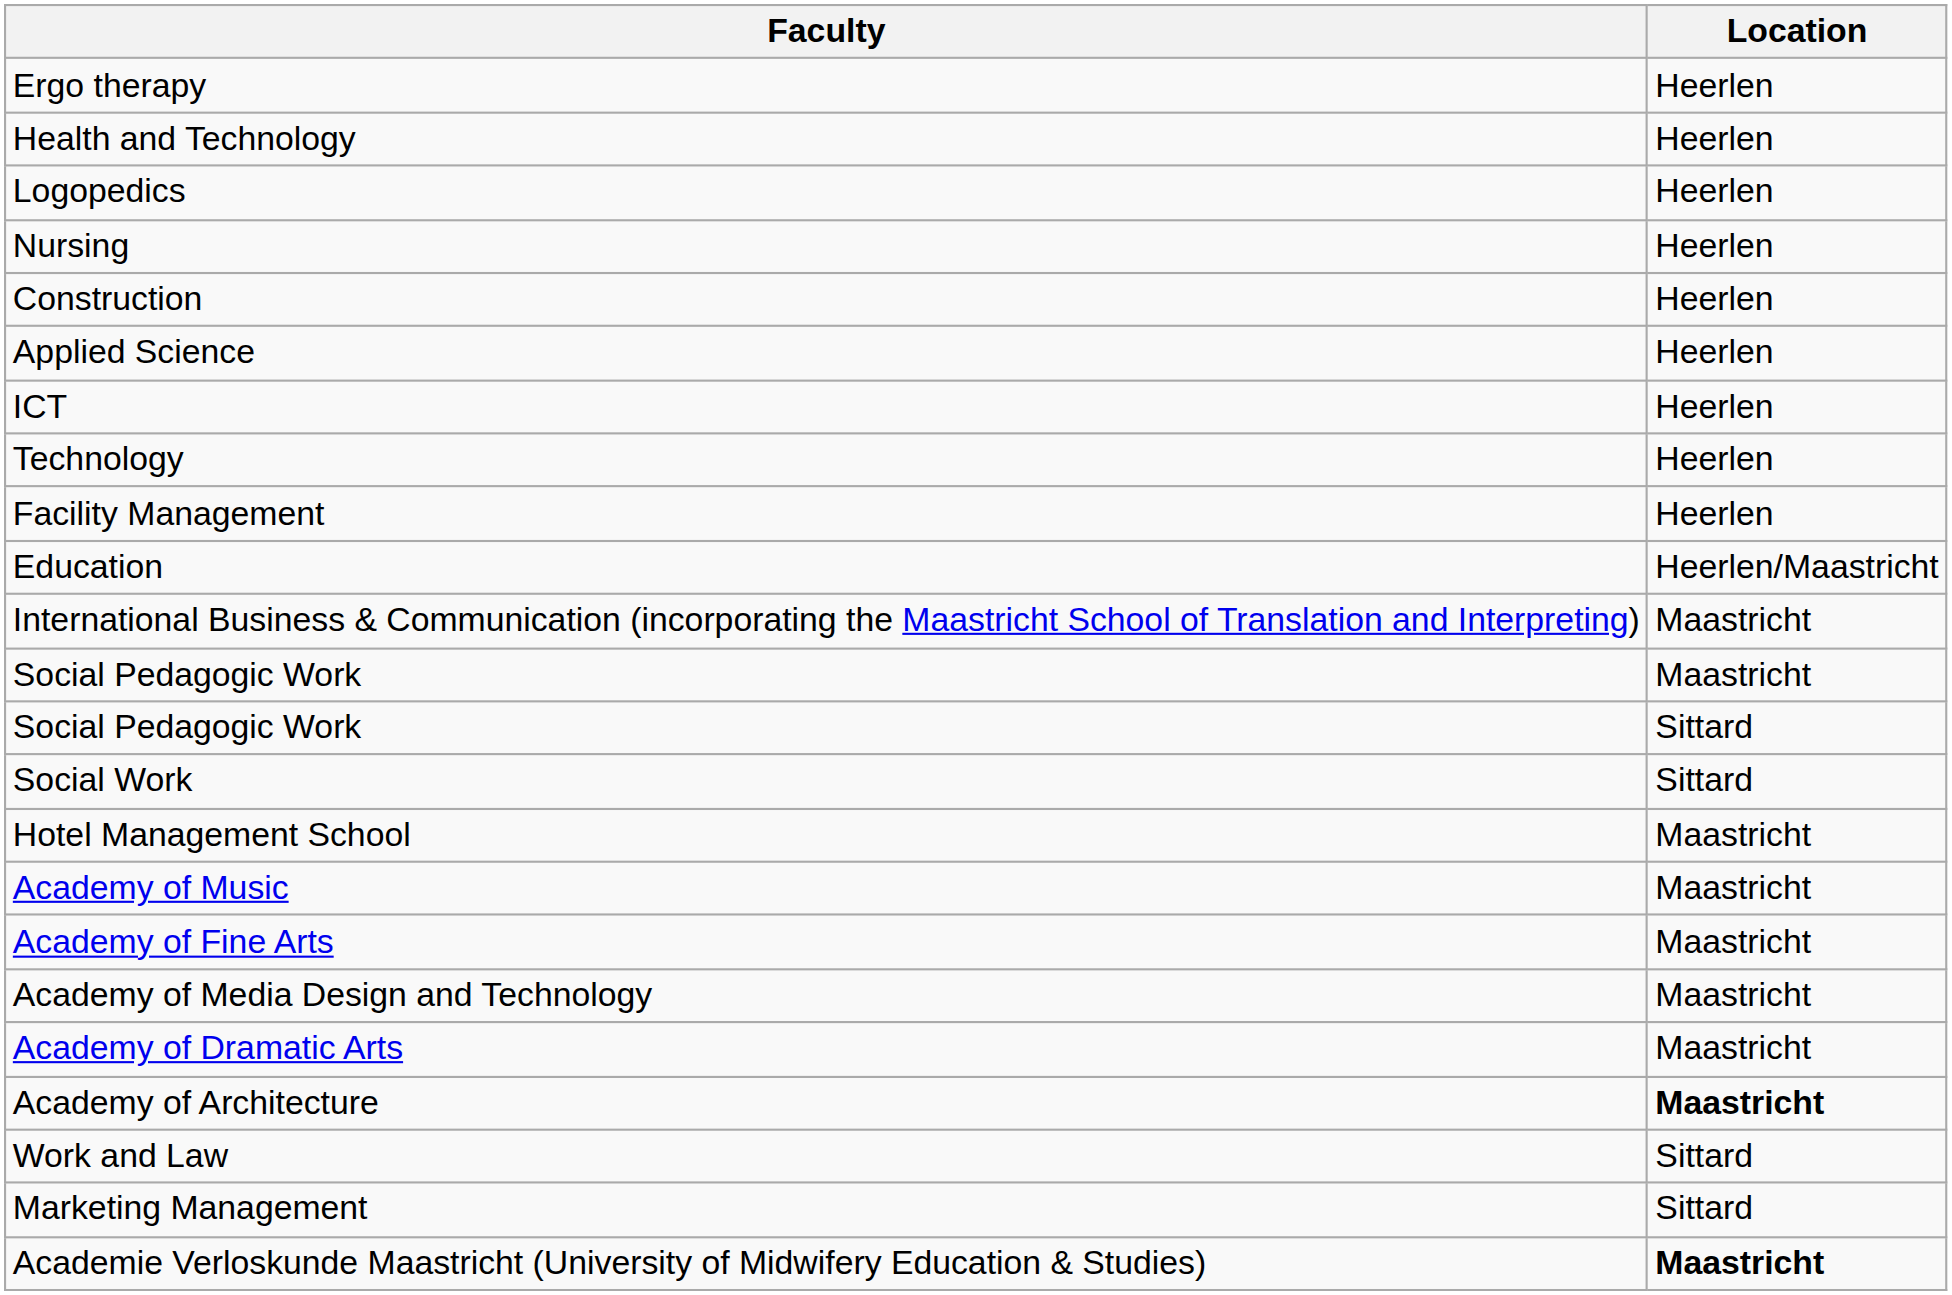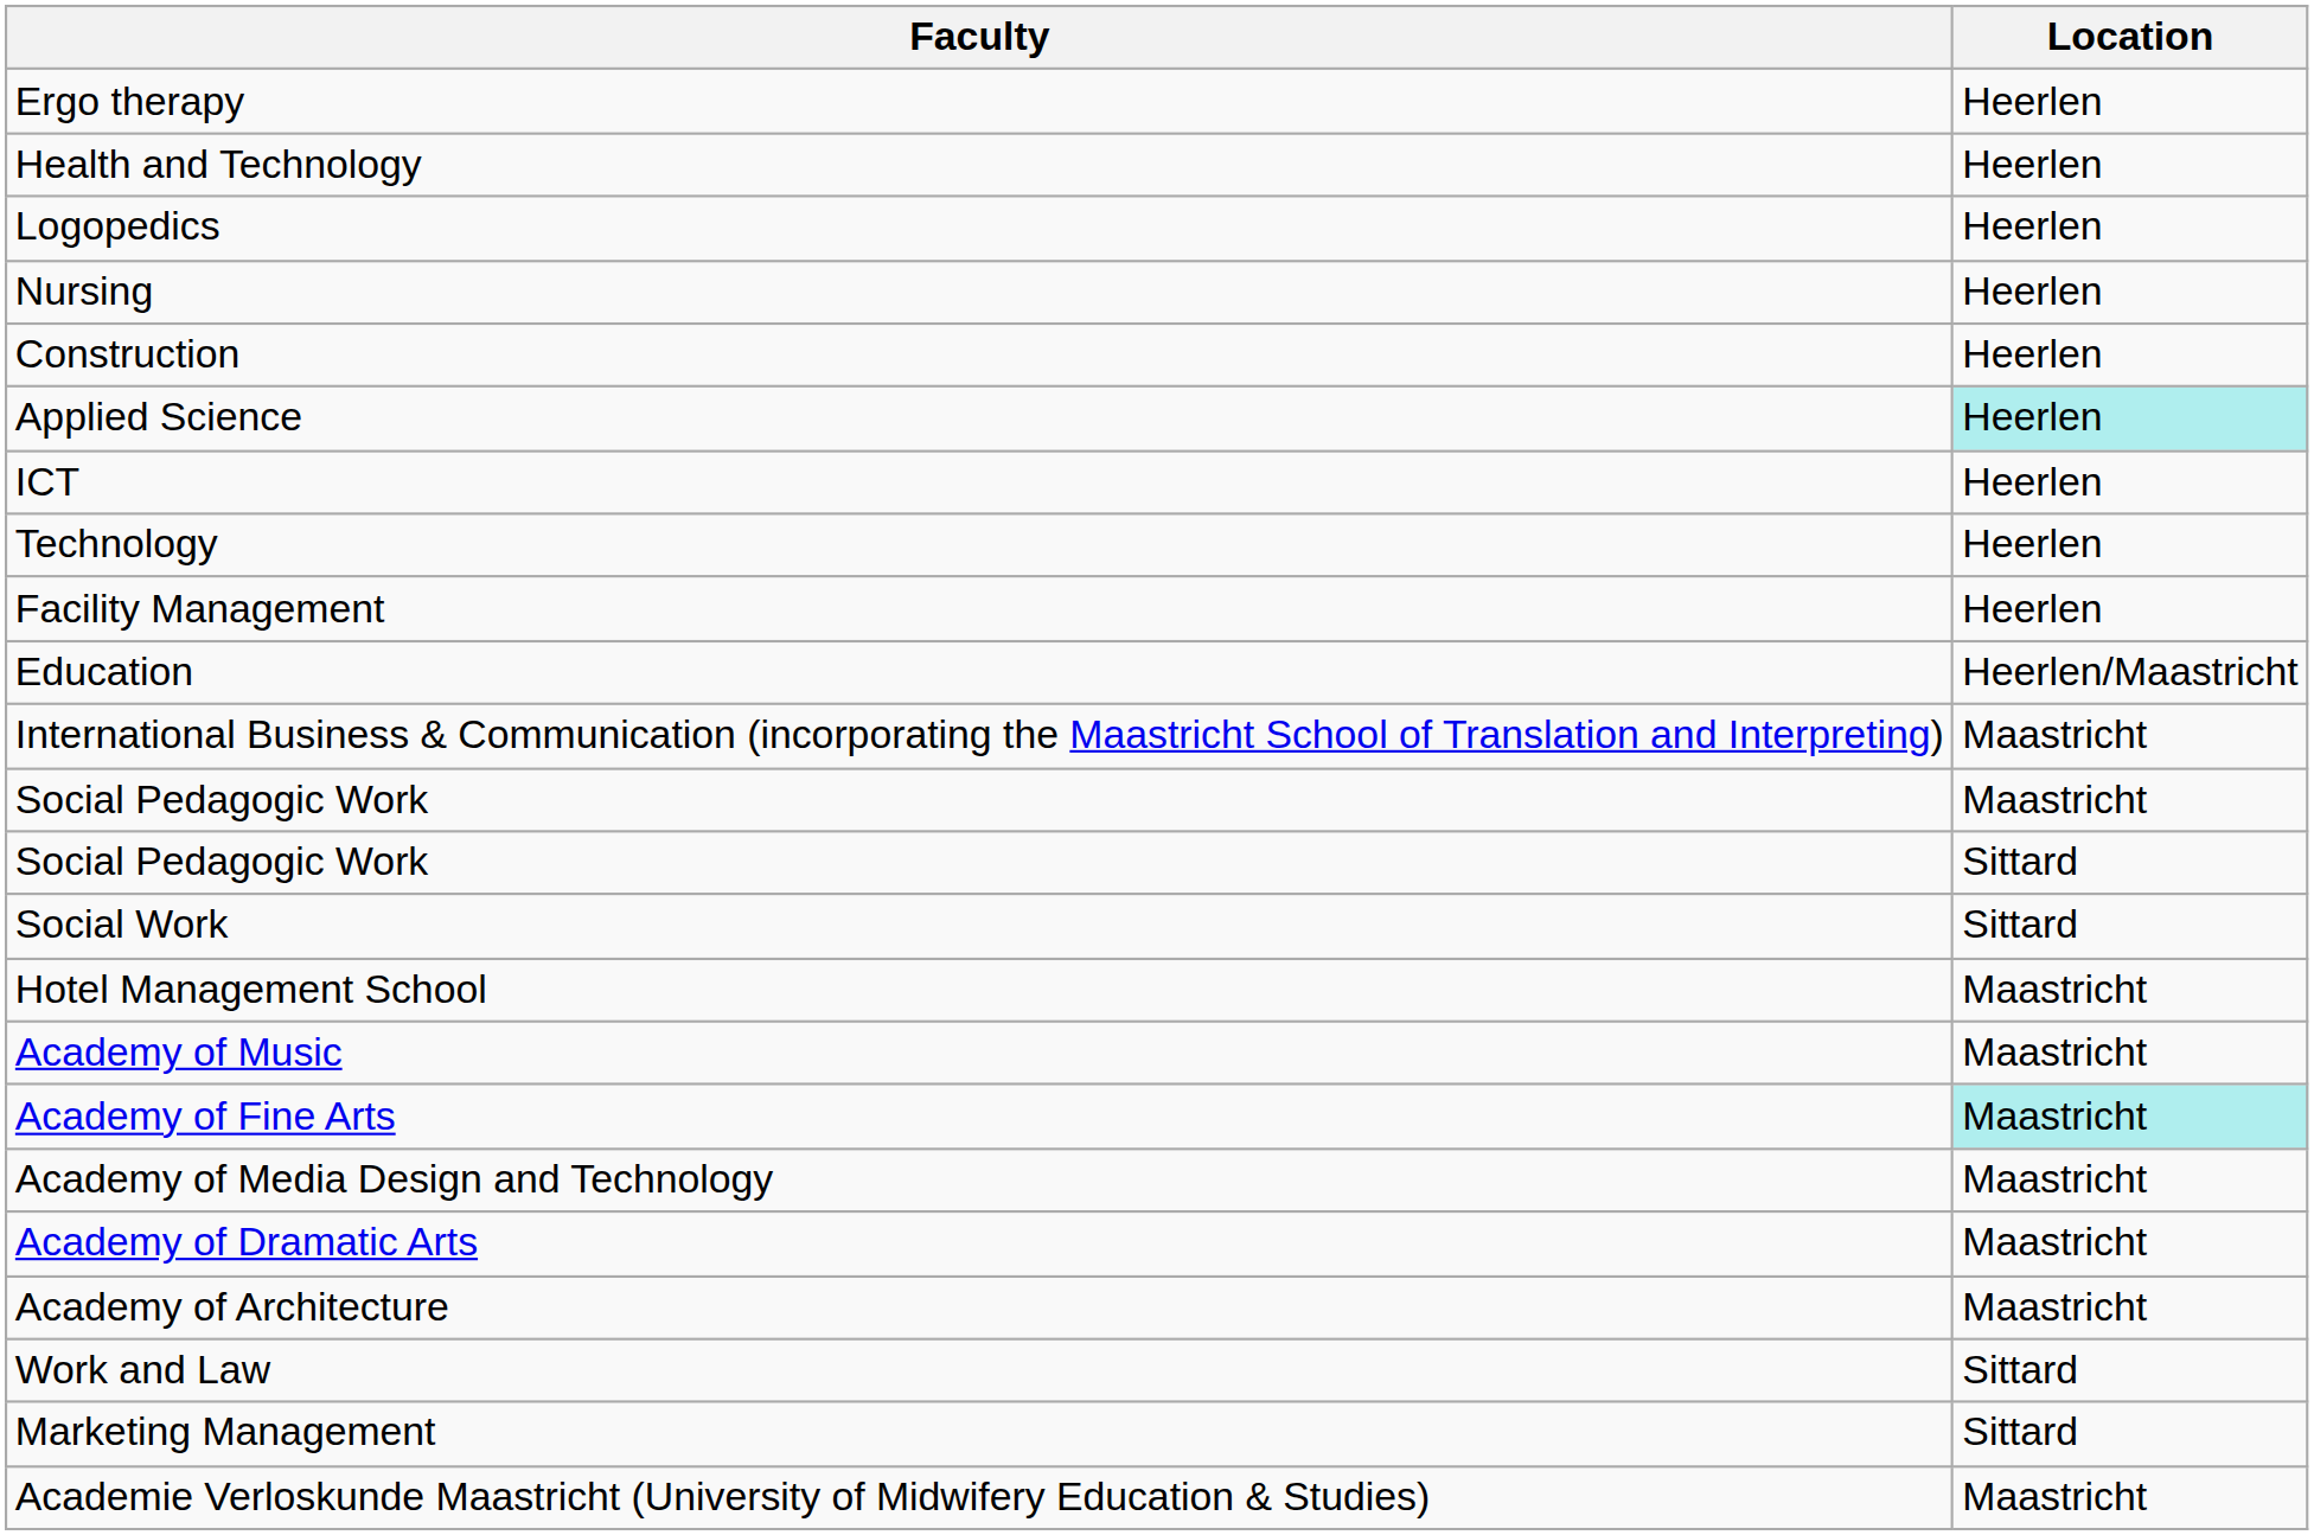 <table class="wikitable">
 <tr>
 <th>Faculty</th>
 <th>Location</th>
 </tr>
 <tr>
 <td>Ergo therapy</td>
 <td>Heerlen</td>
 </tr>
 <tr>
 <td>Health and Technology</td>
 <td>Heerlen</td>
 </tr>
 <tr>
 <td>Logopedics</td>
 <td>Heerlen</td>
 </tr>
 <tr>
 <td>Nursing</td>
 <td>Heerlen</td>
 </tr>
 <tr>
 <td>Construction</td>
 <td>Heerlen</td>
 </tr>
 <tr>
 <td>Applied Science</td>
-<td>Heerlen</td>
+<td style="background: paleturquoise;">Heerlen</td>
 </tr>
 <tr>
 <td>ICT</td>
 <td>Heerlen</td>
 </tr>
 <tr>
 <td>Technology</td>
 <td>Heerlen</td>
 </tr>
 <tr>
 <td>Facility Management</td>
 <td>Heerlen</td>
 </tr>
 <tr>
 <td>Education</td>
 <td>Heerlen/Maastricht</td>
 </tr>
 <tr>
 <td>International Business & Communication (incorporating the <a href='#'>Maastricht School of Translation and Interpreting</a>)</td>
 <td>Maastricht</td>
 </tr>
 <tr>
 <td>Social Pedagogic Work</td>
 <td>Maastricht</td>
 </tr>
 <tr>
 <td>Social Pedagogic Work</td>
 <td>Sittard</td>
 </tr>
 <tr>
 <td>Social Work</td>
 <td>Sittard</td>
 </tr>
 <tr>
 <td>Hotel Management School</td>
 <td>Maastricht</td>
 </tr>
 <tr>
 <td><a href='#'>Academy of Music</a></td>
 <td>Maastricht</td>
 </tr>
 <tr>
 <td><a href='#'>Academy of Fine Arts</a></td>
-<td>Maastricht</td>
+<td style="background: paleturquoise;">Maastricht</td>
 </tr>
 <tr>
 <td>Academy of Media Design and Technology</td>
 <td>Maastricht</td>
 </tr>
 <tr>
 <td><a href='#'>Academy of Dramatic Arts</a></td>
 <td>Maastricht</td>
 </tr>
 <tr>
 <td>Academy of Architecture</td>
-<td><strong>Maastricht</strong></td>
+<td>Maastricht</td>
 </tr>
 <tr>
 <td>Work and Law</td>
 <td>Sittard</td>
 </tr>
 <tr>
 <td>Marketing Management</td>
 <td>Sittard</td>
 </tr>
 <tr>
 <td>Academie Verloskunde Maastricht (University of Midwifery Education & Studies)</td>
-<td><strong>Maastricht</strong></td>
+<td>Maastricht</td>
 </tr>
 </table>
